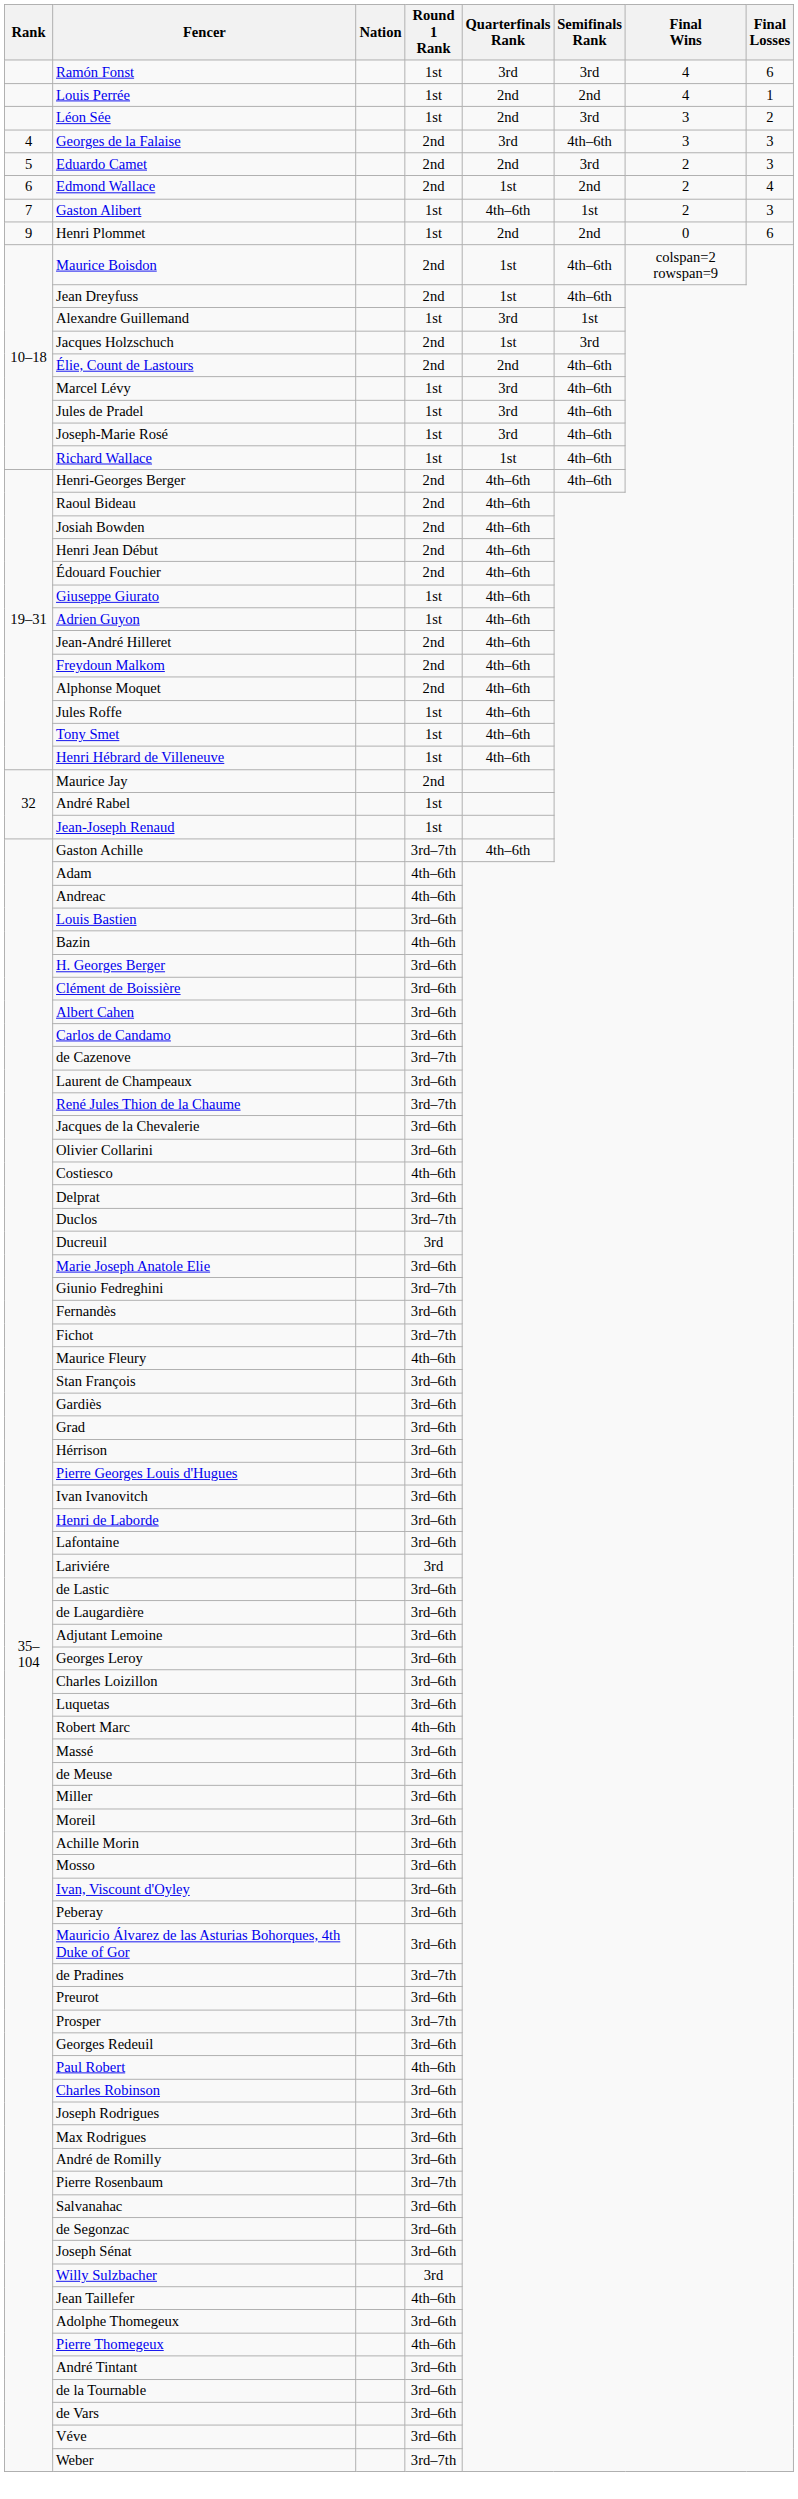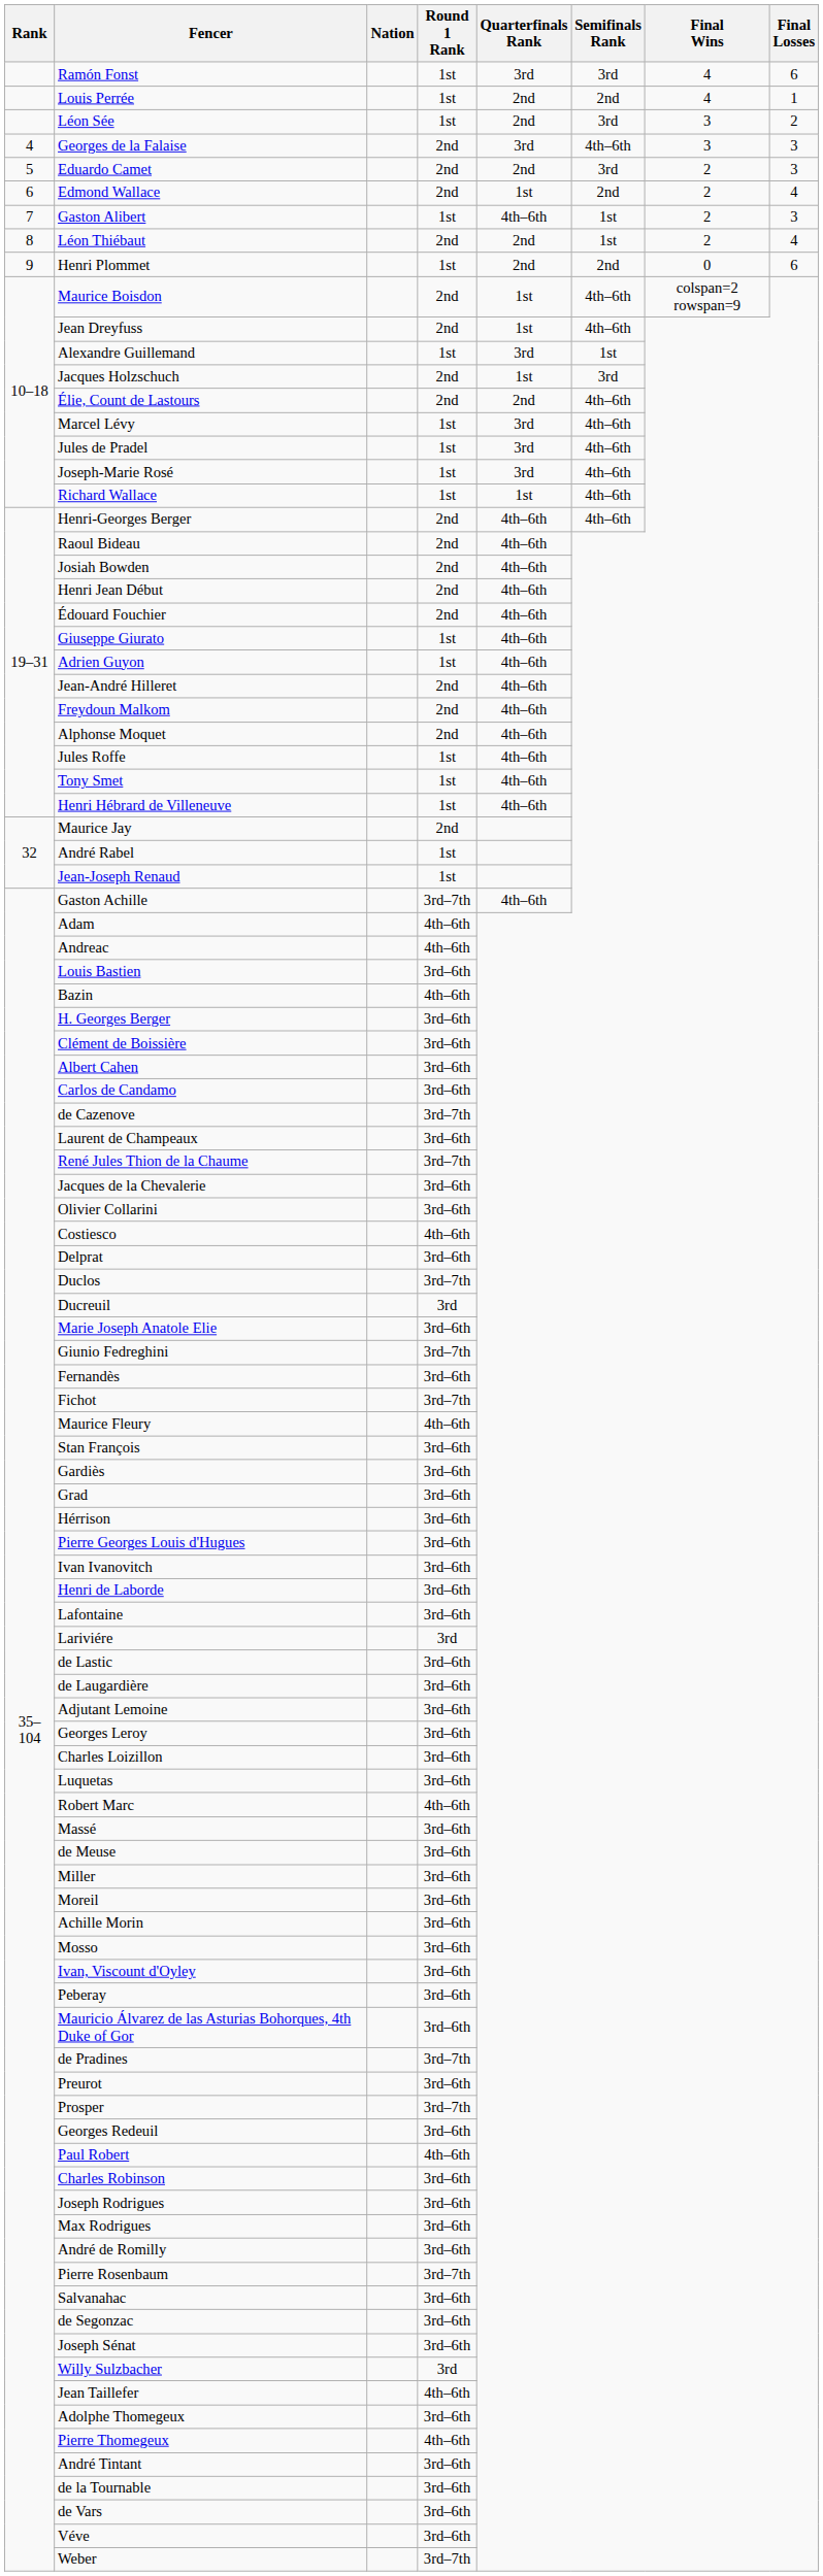 <table class="wikitable sortable" style="text-align:center">
 <tr>
 <th>Rank</th>
 <th>Fencer</th>
 <th>Nation</th>
 <th>Round 1<br>Rank</th>
 <th>Quarterfinals<br>Rank</th>
 <th>Semifinals<br>Rank</th>
 <th>Final<br>Wins</th>
 <th>Final<br>Losses</th>
 </tr>
 <tr>
 <td></td>
 <td align=left><a href='#'>Ramón Fonst</a></td>
 <td align=left></td>
 <td data-sort-value=1>1st</td>
 <td data-sort-value=3>3rd</td>
 <td data-sort-value=3>3rd</td>
 <td>4</td>
 <td>6</td>
 </tr>
 <tr>
 <td></td>
 <td align=left><a href='#'>Louis Perrée</a></td>
 <td align=left></td>
 <td data-sort-value=1>1st</td>
 <td data-sort-value=2>2nd</td>
 <td data-sort-value=2>2nd</td>
 <td>4</td>
 <td>1</td>
 </tr>
 <tr>
 <td></td>
 <td align=left><a href='#'>Léon Sée</a></td>
 <td align=left></td>
 <td data-sort-value=1>1st</td>
 <td data-sort-value=2>2nd</td>
 <td data-sort-value=3>3rd</td>
 <td>3</td>
 <td>2</td>
 </tr>
 <tr>
 <td>4</td>
 <td align=left><a href='#'>Georges de la Falaise</a></td>
 <td align=left></td>
 <td data-sort-value=2>2nd</td>
 <td data-sort-value=3>3rd</td>
 <td data-sort-value=4>4th–6th</td>
 <td>3</td>
 <td>3</td>
 </tr>
 <tr>
 <td>5</td>
 <td align=left><a href='#'>Eduardo Camet</a></td>
 <td align=left></td>
 <td data-sort-value=2>2nd</td>
 <td data-sort-value=2>2nd</td>
 <td data-sort-value=3>3rd</td>
 <td>2</td>
 <td>3</td>
 </tr>
 <tr>
 <td>6</td>
 <td align=left><a href='#'>Edmond Wallace</a></td>
 <td align=left></td>
 <td data-sort-value=2>2nd</td>
 <td data-sort-value=1>1st</td>
 <td data-sort-value=2>2nd</td>
 <td>2</td>
 <td>4</td>
 </tr>
 <tr>
 <td>7</td>
 <td align=left><a href='#'>Gaston Alibert</a></td>
 <td align=left></td>
 <td data-sort-value=1>1st</td>
 <td data-sort-value=4>4th–6th</td>
 <td data-sort-value=1>1st</td>
 <td>2</td>
 <td>3</td>
+</tr>
+<tr>
+<td>8</td>
+<td align=left><a href='#'>Léon Thiébaut</a></td>
+<td align=left></td>
+<td data-sort-value=2>2nd</td>
+<td data-sort-value=2>2nd</td>
+<td data-sort-value=1>1st</td>
+<td>2</td>
+<td>4</td>
 </tr>
 <tr>
 <td>9</td>
 <td align=left>Henri Plommet</td>
 <td align=left></td>
 <td data-sort-value=1>1st</td>
 <td data-sort-value=2>2nd</td>
 <td data-sort-value=2>2nd</td>
 <td>0</td>
 <td>6</td>
 </tr>
 <tr>
 <td rowspan=9 data-sort-value=10>10–18</td>
 <td align=left><a href='#'>Maurice Boisdon</a></td>
 <td align=left></td>
 <td data-sort-value=2>2nd</td>
 <td data-sort-value=1>1st</td>
 <td data-sort-value=4>4th–6th</td>
 <td>colspan=2 rowspan=9 </td>
 </tr>
 <tr>
 <td align=left>Jean Dreyfuss</td>
 <td align=left></td>
 <td data-sort-value=2>2nd</td>
 <td data-sort-value=1>1st</td>
 <td data-sort-value=4>4th–6th</td>
 </tr>
 <tr>
 <td align=left>Alexandre Guillemand</td>
 <td align=left></td>
 <td data-sort-value=1>1st</td>
 <td data-sort-value=3>3rd</td>
 <td data-sort-value=1>1st</td>
 </tr>
 <tr>
 <td align=left>Jacques Holzschuch</td>
 <td align=left></td>
 <td data-sort-value=2>2nd</td>
 <td data-sort-value=1>1st</td>
 <td data-sort-value=3>3rd</td>
 </tr>
 <tr>
 <td align=left><a href='#'>Élie, Count de Lastours</a></td>
 <td align=left></td>
 <td data-sort-value=2>2nd</td>
 <td data-sort-value=2>2nd</td>
 <td data-sort-value=4>4th–6th</td>
 </tr>
 <tr>
 <td align=left>Marcel Lévy</td>
 <td align=left></td>
 <td data-sort-value=1>1st</td>
 <td data-sort-value=3>3rd</td>
 <td data-sort-value=4>4th–6th</td>
 </tr>
 <tr>
 <td align=left>Jules de Pradel</td>
 <td align=left></td>
 <td data-sort-value=1>1st</td>
 <td data-sort-value=3>3rd</td>
 <td data-sort-value=4>4th–6th</td>
 </tr>
 <tr>
 <td align=left>Joseph-Marie Rosé</td>
 <td align=left></td>
 <td data-sort-value=1>1st</td>
 <td data-sort-value=3>3rd</td>
 <td data-sort-value=4>4th–6th</td>
 </tr>
 <tr>
 <td align=left><a href='#'>Richard Wallace</a></td>
 <td align=left></td>
 <td data-sort-value=1>1st</td>
 <td data-sort-value=1>1st</td>
 <td data-sort-value=4>4th–6th</td>
 </tr>
 <tr>
 <td rowspan=13 data-sort-value=19>19–31</td>
 <td align=left>Henri-Georges Berger</td>
 <td align=left></td>
 <td data-sort-value=2>2nd</td>
 <td data-sort-value=4>4th–6th</td>
 <td data-sort-value=4>4th–6th</td>
 </tr>
 <tr>
 <td align=left>Raoul Bideau</td>
 <td align=left></td>
 <td data-sort-value=2>2nd</td>
 <td data-sort-value=4>4th–6th</td>
 </tr>
 <tr>
 <td align=left>Josiah Bowden</td>
 <td align=left></td>
 <td data-sort-value=2>2nd</td>
 <td data-sort-value=4>4th–6th</td>
 </tr>
 <tr>
 <td align=left>Henri Jean Début</td>
 <td align=left></td>
 <td data-sort-value=2>2nd</td>
 <td data-sort-value=4>4th–6th</td>
 </tr>
 <tr>
 <td align=left>Édouard Fouchier</td>
 <td align=left></td>
 <td data-sort-value=2>2nd</td>
 <td data-sort-value=4>4th–6th</td>
 </tr>
 <tr>
 <td align=left><a href='#'>Giuseppe Giurato</a></td>
 <td align=left></td>
 <td data-sort-value=1>1st</td>
 <td data-sort-value=4>4th–6th</td>
 </tr>
 <tr>
 <td align=left><a href='#'>Adrien Guyon</a></td>
 <td align=left></td>
 <td data-sort-value=1>1st</td>
 <td data-sort-value=4>4th–6th</td>
 </tr>
 <tr>
 <td align=left>Jean-André Hilleret</td>
 <td align=left></td>
 <td data-sort-value=2>2nd</td>
 <td data-sort-value=4>4th–6th</td>
 </tr>
 <tr>
 <td align=left><a href='#'>Freydoun Malkom</a></td>
 <td align=left></td>
 <td data-sort-value=2>2nd</td>
 <td data-sort-value=4>4th–6th</td>
 </tr>
 <tr>
 <td align=left>Alphonse Moquet</td>
 <td align=left></td>
 <td data-sort-value=2>2nd</td>
 <td data-sort-value=4>4th–6th</td>
 </tr>
 <tr>
 <td align=left>Jules Roffe</td>
 <td align=left></td>
 <td data-sort-value=1>1st</td>
 <td data-sort-value=4>4th–6th</td>
 </tr>
 <tr>
 <td align=left><a href='#'>Tony Smet</a></td>
 <td align=left></td>
 <td data-sort-value=1>1st</td>
 <td data-sort-value=4>4th–6th</td>
 </tr>
 <tr>
 <td align=left><a href='#'>Henri Hébrard de Villeneuve</a></td>
 <td align=left></td>
 <td data-sort-value=1>1st</td>
 <td data-sort-value=4>4th–6th</td>
 </tr>
 <tr>
 <td rowspan=3>32</td>
 <td align=left>Maurice Jay</td>
 <td align=left></td>
 <td data-sort-value=2>2nd</td>
 <td data-sort-value=7></td>
 </tr>
 <tr>
 <td align=left>André Rabel</td>
 <td align=left></td>
 <td data-sort-value=1>1st</td>
 <td data-sort-value=7></td>
 </tr>
 <tr>
 <td align=left><a href='#'>Jean-Joseph Renaud</a></td>
 <td align=left></td>
 <td data-sort-value=1>1st</td>
 <td data-sort-value=7></td>
 </tr>
 <tr>
 <td rowspan=70 data-sort-value=33>35–104</td>
 <td align=left>Gaston Achille</td>
 <td align=left></td>
 <td data-sort-value=3>3rd–7th</td>
 <td data-sort-value=4>4th–6th</td>
 </tr>
 <tr>
 <td align=left>Adam</td>
 <td align=left></td>
 <td data-sort-value=4>4th–6th</td>
 </tr>
 <tr>
 <td align=left>Andreac</td>
 <td align=left></td>
 <td data-sort-value=4>4th–6th</td>
 </tr>
 <tr>
 <td align=left><a href='#'>Louis Bastien</a></td>
 <td align=left></td>
 <td data-sort-value=3>3rd–6th</td>
 </tr>
 <tr>
 <td align=left>Bazin</td>
 <td align=left></td>
 <td data-sort-value=4>4th–6th</td>
 </tr>
 <tr>
 <td align=left><a href='#'>H. Georges Berger</a></td>
 <td align=left></td>
 <td data-sort-value=3>3rd–6th</td>
 </tr>
 <tr>
 <td align=left><a href='#'>Clément de Boissière</a></td>
 <td align=left></td>
 <td data-sort-value=3>3rd–6th</td>
 </tr>
 <tr>
 <td align=left><a href='#'>Albert Cahen</a></td>
 <td align=left></td>
 <td data-sort-value=3>3rd–6th</td>
 </tr>
 <tr>
 <td align=left><a href='#'>Carlos de Candamo</a></td>
 <td align=left></td>
 <td data-sort-value=3>3rd–6th</td>
 </tr>
 <tr>
 <td align=left>de Cazenove</td>
 <td align=left></td>
 <td data-sort-value=3>3rd–7th</td>
 </tr>
 <tr>
 <td align=left>Laurent de Champeaux</td>
 <td align=left></td>
 <td data-sort-value=3>3rd–6th</td>
 </tr>
 <tr>
 <td align=left><a href='#'>René Jules Thion de la Chaume</a></td>
 <td align=left></td>
 <td data-sort-value=3>3rd–7th</td>
 </tr>
 <tr>
 <td align=left>Jacques de la Chevalerie</td>
 <td align=left></td>
 <td data-sort-value=3>3rd–6th</td>
 </tr>
 <tr>
 <td align=left>Olivier Collarini</td>
 <td align=left></td>
 <td data-sort-value=3>3rd–6th</td>
 </tr>
 <tr>
 <td align=left>Costiesco</td>
 <td align=left></td>
 <td data-sort-value=4>4th–6th</td>
 </tr>
 <tr>
 <td align=left>Delprat</td>
 <td align=left></td>
 <td data-sort-value=3>3rd–6th</td>
 </tr>
 <tr>
 <td align=left>Duclos</td>
 <td align=left></td>
 <td data-sort-value=3>3rd–7th</td>
 </tr>
 <tr>
 <td align=left>Ducreuil</td>
 <td align=left></td>
 <td data-sort-value=3>3rd</td>
 </tr>
 <tr>
 <td align=left><a href='#'>Marie Joseph Anatole Elie</a></td>
 <td align=left></td>
 <td data-sort-value=3>3rd–6th</td>
 </tr>
 <tr>
 <td align=left>Giunio Fedreghini</td>
 <td align=left></td>
 <td data-sort-value=3>3rd–7th</td>
 </tr>
 <tr>
 <td align=left>Fernandès</td>
 <td align=left></td>
 <td data-sort-value=3>3rd–6th</td>
 </tr>
 <tr>
 <td align=left>Fichot</td>
 <td align=left></td>
 <td data-sort-value=3>3rd–7th</td>
 </tr>
 <tr>
 <td align=left>Maurice Fleury</td>
 <td align=left></td>
 <td data-sort-value=4>4th–6th</td>
 </tr>
 <tr>
 <td align=left>Stan François</td>
 <td align=left></td>
 <td data-sort-value=3>3rd–6th</td>
 </tr>
 <tr>
 <td align=left>Gardiès</td>
 <td align=left></td>
 <td data-sort-value=3>3rd–6th</td>
 </tr>
 <tr>
 <td align=left>Grad</td>
 <td align=left></td>
 <td data-sort-value=3>3rd–6th</td>
 </tr>
 <tr>
 <td align=left>Hérrison</td>
 <td align=left></td>
 <td data-sort-value=3>3rd–6th</td>
 </tr>
 <tr>
 <td align=left><a href='#'>Pierre Georges Louis d'Hugues</a></td>
 <td align=left></td>
 <td data-sort-value=3>3rd–6th</td>
 </tr>
 <tr>
 <td align=left>Ivan Ivanovitch</td>
 <td align=left></td>
 <td data-sort-value=3>3rd–6th</td>
 </tr>
 <tr>
 <td align=left><a href='#'>Henri de Laborde</a></td>
 <td align=left></td>
 <td data-sort-value=3>3rd–6th</td>
 </tr>
 <tr>
 <td align=left>Lafontaine</td>
 <td align=left></td>
 <td data-sort-value=3>3rd–6th</td>
 </tr>
 <tr>
 <td align=left>Lariviére</td>
 <td align=left></td>
 <td data-sort-value=3>3rd</td>
 </tr>
 <tr>
 <td align=left>de Lastic</td>
 <td align=left></td>
 <td data-sort-value=3>3rd–6th</td>
 </tr>
 <tr>
 <td align=left>de Laugardière</td>
 <td align=left></td>
 <td data-sort-value=3>3rd–6th</td>
 </tr>
 <tr>
 <td align=left>Adjutant Lemoine</td>
 <td align=left></td>
 <td data-sort-value=3>3rd–6th</td>
 </tr>
 <tr>
 <td align=left>Georges Leroy</td>
 <td align=left></td>
 <td data-sort-value=3>3rd–6th</td>
 </tr>
 <tr>
 <td align=left>Charles Loizillon</td>
 <td align=left></td>
 <td data-sort-value=3>3rd–6th</td>
 </tr>
 <tr>
 <td align=left>Luquetas</td>
 <td align=left></td>
 <td data-sort-value=3>3rd–6th</td>
 </tr>
 <tr>
 <td align=left>Robert Marc</td>
 <td align=left></td>
 <td data-sort-value=4>4th–6th</td>
 </tr>
 <tr>
 <td align=left>Massé</td>
 <td align=left></td>
 <td data-sort-value=3>3rd–6th</td>
 </tr>
 <tr>
 <td align=left>de Meuse</td>
 <td align=left></td>
 <td data-sort-value=3>3rd–6th</td>
 </tr>
 <tr>
 <td align=left>Miller</td>
 <td align=left></td>
 <td data-sort-value=3>3rd–6th</td>
 </tr>
 <tr>
 <td align=left>Moreil</td>
 <td align=left></td>
 <td data-sort-value=3>3rd–6th</td>
 </tr>
 <tr id="Morin">
 <td align=left>Achille Morin</td>
 <td align=left></td>
 <td data-sort-value=3>3rd–6th</td>
 </tr>
 <tr>
 <td align=left>Mosso</td>
 <td align=left></td>
 <td data-sort-value=3>3rd–6th</td>
 </tr>
 <tr>
 <td align=left><a href='#'>Ivan, Viscount d'Oyley</a></td>
 <td align=left></td>
 <td data-sort-value=3>3rd–6th</td>
 </tr>
 <tr>
 <td align=left>Peberay</td>
 <td align=left></td>
 <td data-sort-value=3>3rd–6th</td>
 </tr>
 <tr>
 <td align=left><a href='#'>Mauricio Álvarez de las Asturias Bohorques, 4th Duke of Gor</a></td>
 <td align=left></td>
 <td data-sort-value=3>3rd–6th</td>
 </tr>
 <tr>
 <td align=left>de Pradines</td>
 <td align=left></td>
 <td data-sort-value=3>3rd–7th</td>
 </tr>
 <tr>
 <td align=left>Preurot</td>
 <td align=left></td>
 <td data-sort-value=3>3rd–6th</td>
 </tr>
 <tr>
 <td align=left>Prosper</td>
 <td align=left></td>
 <td data-sort-value=3>3rd–7th</td>
 </tr>
 <tr>
 <td align=left>Georges Redeuil</td>
 <td align=left></td>
 <td data-sort-value=3>3rd–6th</td>
 </tr>
 <tr>
 <td align=left><a href='#'>Paul Robert</a></td>
 <td align=left></td>
 <td data-sort-value=4>4th–6th</td>
 </tr>
 <tr>
 <td align=left><a href='#'>Charles Robinson</a></td>
 <td align=left></td>
 <td data-sort-value=3>3rd–6th</td>
 </tr>
 <tr>
 <td align=left>Joseph Rodrigues</td>
 <td align=left></td>
 <td data-sort-value=3>3rd–6th</td>
 </tr>
 <tr>
 <td align=left>Max Rodrigues</td>
 <td align=left></td>
 <td data-sort-value=3>3rd–6th</td>
 </tr>
 <tr>
 <td align=left>André de Romilly</td>
 <td align=left></td>
 <td data-sort-value=3>3rd–6th</td>
 </tr>
 <tr>
 <td align=left>Pierre Rosenbaum</td>
 <td align=left></td>
 <td data-sort-value=3>3rd–7th</td>
 </tr>
 <tr>
 <td align=left>Salvanahac</td>
 <td align=left></td>
 <td data-sort-value=3>3rd–6th</td>
 </tr>
 <tr>
 <td align=left>de Segonzac</td>
 <td align=left></td>
 <td data-sort-value=3>3rd–6th</td>
 </tr>
 <tr>
 <td align=left>Joseph Sénat</td>
 <td align=left></td>
 <td data-sort-value=3>3rd–6th</td>
 </tr>
 <tr>
 <td align=left><a href='#'>Willy Sulzbacher</a></td>
 <td align=left></td>
 <td data-sort-value=3>3rd</td>
 </tr>
 <tr>
 <td align=left>Jean Taillefer</td>
 <td align=left></td>
 <td data-sort-value=4>4th–6th</td>
 </tr>
 <tr>
 <td align=left>Adolphe Thomegeux</td>
 <td align=left></td>
 <td data-sort-value=3>3rd–6th</td>
 </tr>
 <tr>
 <td align=left><a href='#'>Pierre Thomegeux</a></td>
 <td align=left></td>
 <td data-sort-value=4>4th–6th</td>
 </tr>
 <tr>
 <td align=left>André Tintant</td>
 <td align=left></td>
 <td data-sort-value=3>3rd–6th</td>
 </tr>
 <tr>
 <td align=left>de la Tournable</td>
 <td align=left></td>
 <td data-sort-value=3>3rd–6th</td>
 </tr>
 <tr>
 <td align=left>de Vars</td>
 <td align=left></td>
 <td data-sort-value=3>3rd–6th</td>
 </tr>
 <tr>
 <td align=left>Véve</td>
 <td align=left></td>
 <td data-sort-value=3>3rd–6th</td>
 </tr>
 <tr>
 <td align=left>Weber</td>
 <td align=left></td>
 <td data-sort-value=3>3rd–7th</td>
 </tr>
 </table>
